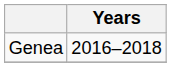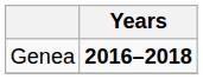 <table class="wikitable collapsible">
 <tr>
 <th></th>
 <th>Years</th>
 </tr>
 <tr>
 <td>Genea</td>
-<td>2016–2018</td>
+<td><strong>2016–2018</strong></td>
 </tr>
 <tr>
 </tr>
 </table>
